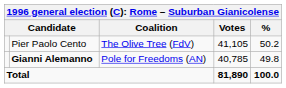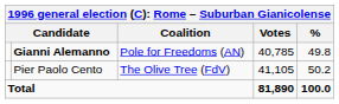 <table class=wikitable style=text-align:right>
 <tr>
 <th colspan=5><a href='#'>1996 general election</a> (<a href='#'>C</a>): <a href='#'>Rome</a> – <a href='#'>Suburban Gianicolense</a></th>
 </tr>
 <tr>
 <th colspan=2>Candidate</th>
 <th>Coalition</th>
 <th>Votes</th>
 <th>%</th>
 </tr>
 <tr>
 <td></td>
+<td align=left><strong>Gianni Alemanno</strong></td>
+<td align=left><a href='#'>Pole for Freedoms</a> (<a href='#'>AN</a>)</td>
+<td>40,785</td>
+<td>49.8</td>
+</tr>
+<tr>
+<td></td>
 <td align=left>Pier Paolo Cento</td>
 <td align=left><a href='#'>The Olive Tree</a> (<a href='#'>FdV</a>)</td>
 <td>41,105</td>
 <td>50.2</td>
-</tr>
-<tr>
-<td></td>
-<td align=left><strong>Gianni Alemanno</strong></td>
-<td align=left><a href='#'>Pole for Freedoms</a> (<a href='#'>AN</a>)</td>
-<td>40,785</td>
-<td>49.8</td>
 </tr>
 <tr>
 <td align=left colspan=3><strong>Total</strong></td>
 <td><strong>81,890</strong></td>
 <td><strong>100.0</strong></td>
 </tr>
 </table>
